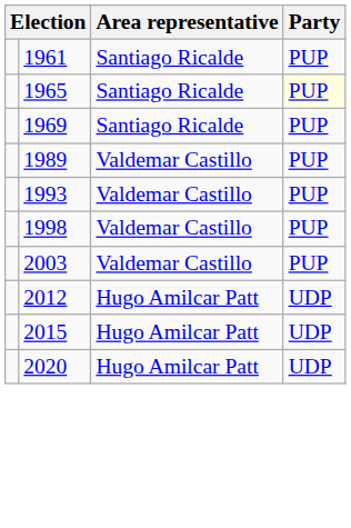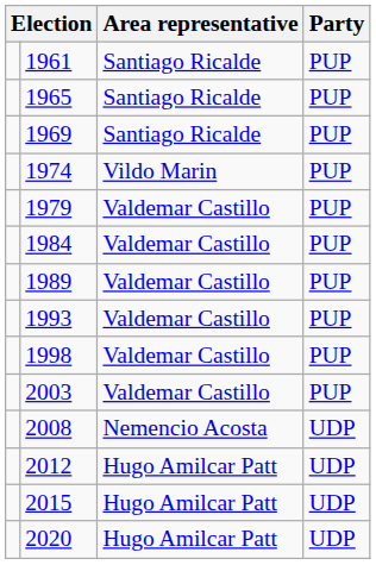 <table class="wikitable">
 <tr>
 <th colspan="2">Election</th>
 <th>Area representative</th>
 <th>Party</th>
 </tr>
 <tr>
 <td style="background-color: "></td>
 <td><a href='#'>1961</a></td>
 <td><a href='#'>Santiago Ricalde</a></td>
 <td><a href='#'>PUP</a></td>
 </tr>
 <tr>
 <td style="background-color: "></td>
 <td><a href='#'>1965</a></td>
 <td><a href='#'>Santiago Ricalde</a></td>
-<td style="background: lightyellow;"><a href='#'>PUP</a></td>
+<td><a href='#'>PUP</a></td>
 </tr>
 <tr>
 <td style="background-color: "></td>
 <td><a href='#'>1969</a></td>
 <td><a href='#'>Santiago Ricalde</a></td>
+<td><a href='#'>PUP</a></td>
+</tr>
+<tr>
+<td style="background-color: "></td>
+<td><a href='#'>1974</a></td>
+<td><a href='#'>Vildo Marin</a></td>
+<td><a href='#'>PUP</a></td>
+</tr>
+<tr>
+<td style="background-color: "></td>
+<td><a href='#'>1979</a></td>
+<td><a href='#'>Valdemar Castillo</a></td>
+<td><a href='#'>PUP</a></td>
+</tr>
+<tr>
+<td style="background-color: "></td>
+<td><a href='#'>1984</a></td>
+<td><a href='#'>Valdemar Castillo</a></td>
 <td><a href='#'>PUP</a></td>
 </tr>
 <tr>
 <td style="background-color: "></td>
 <td><a href='#'>1989</a></td>
 <td><a href='#'>Valdemar Castillo</a></td>
 <td><a href='#'>PUP</a></td>
 </tr>
 <tr>
 <td style="background-color: "></td>
 <td><a href='#'>1993</a></td>
 <td><a href='#'>Valdemar Castillo</a></td>
 <td><a href='#'>PUP</a></td>
 </tr>
 <tr>
 <td style="background-color: "></td>
 <td><a href='#'>1998</a></td>
 <td><a href='#'>Valdemar Castillo</a></td>
 <td><a href='#'>PUP</a></td>
 </tr>
 <tr>
 <td style="background-color: "></td>
 <td><a href='#'>2003</a></td>
 <td><a href='#'>Valdemar Castillo</a></td>
 <td><a href='#'>PUP</a></td>
 </tr>
 <tr>
 <td style="background-color: "></td>
+<td><a href='#'>2008</a></td>
+<td><a href='#'>Nemencio Acosta</a></td>
+<td><a href='#'>UDP</a></td>
+</tr>
+<tr>
+<td style="background-color: "></td>
 <td><a href='#'>2012</a></td>
 <td><a href='#'>Hugo Amilcar Patt</a></td>
 <td><a href='#'>UDP</a></td>
 </tr>
 <tr>
 <td style="background-color: "></td>
 <td><a href='#'>2015</a></td>
 <td><a href='#'>Hugo Amilcar Patt</a></td>
 <td><a href='#'>UDP</a></td>
 </tr>
 <tr>
 <td style="background-color: "></td>
 <td><a href='#'>2020</a></td>
 <td><a href='#'>Hugo Amilcar Patt</a></td>
 <td><a href='#'>UDP</a></td>
 </tr>
 </table>
